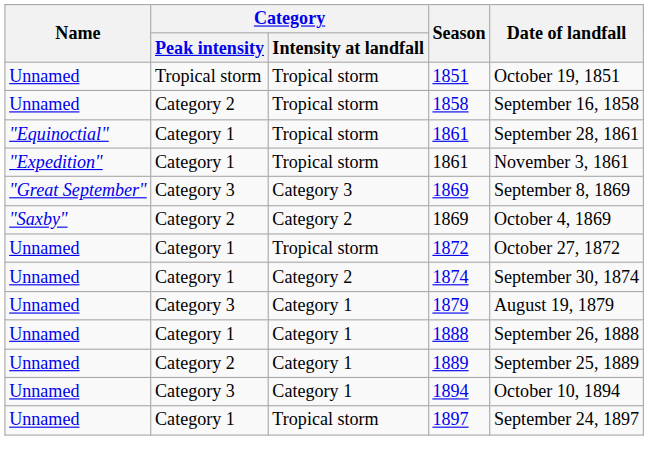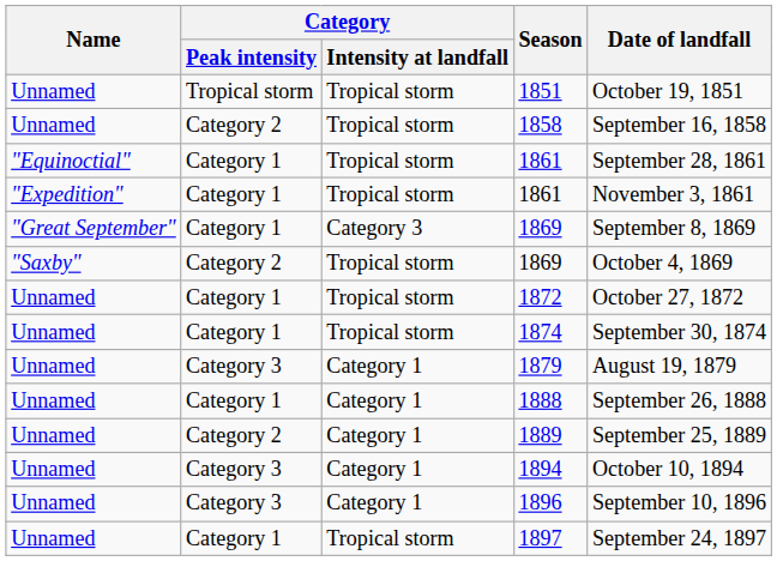 <table class="wikitable" style="margin:1em auto;">
 <tr>
 <th rowspan=2>Name</th>
 <th colspan=2><a href='#'>Category</a></th>
 <th rowspan=2>Season</th>
 <th rowspan=2>Date of landfall</th>
 </tr>
 <tr>
 <th><a href='#'>Peak intensity</a></th>
 <th>Intensity at landfall</th>
 </tr>
 <tr>
 <td><a href='#'>Unnamed</a></td>
 <td style="background: #">Tropical storm</td>
 <td style="background: #">Tropical storm</td>
 <td><a href='#'>1851</a></td>
 <td>October 19, 1851</td>
 </tr>
 <tr>
 <td><a href='#'>Unnamed</a></td>
 <td style="background: #">Category 2</td>
 <td style="background: #">Tropical storm</td>
 <td><a href='#'>1858</a></td>
 <td>September 16, 1858</td>
 </tr>
 <tr>
 <td><em><a href='#'>"Equinoctial"</a></em></td>
 <td style="background: #">Category 1</td>
 <td style="background: #">Tropical storm</td>
 <td><a href='#'>1861</a></td>
 <td>September 28, 1861</td>
 </tr>
 <tr>
 <td><em><a href='#'>"Expedition"</a></em></td>
 <td style="background: #">Category 1</td>
 <td style="background: #">Tropical storm</td>
 <td>1861</td>
 <td>November 3, 1861</td>
 </tr>
 <tr>
 <td><em><a href='#'>"Great September"</a></em></td>
-<td style="background: #">Category 3</td>
+<td style="background: #">Category 1</td>
 <td style="background: #">Category 3</td>
 <td><a href='#'>1869</a></td>
 <td>September 8, 1869</td>
 </tr>
 <tr>
 <td><em><a href='#'>"Saxby"</a></em></td>
 <td style="background: #">Category 2</td>
-<td style="background: #">Category 2</td>
+<td style="background: #">Tropical storm</td>
 <td>1869</td>
 <td>October 4, 1869</td>
 </tr>
 <tr>
 <td><a href='#'>Unnamed</a></td>
 <td style="background: #">Category 1</td>
 <td style="background: #">Tropical storm</td>
 <td><a href='#'>1872</a></td>
 <td>October 27, 1872</td>
 </tr>
 <tr>
 <td><a href='#'>Unnamed</a></td>
 <td style="background: #">Category 1</td>
-<td style="background: #">Category 2</td>
+<td style="background: #">Tropical storm</td>
 <td><a href='#'>1874</a></td>
 <td>September 30, 1874</td>
 </tr>
 <tr>
 <td><a href='#'>Unnamed</a></td>
 <td style="background: #">Category 3</td>
 <td style="background: #">Category 1</td>
 <td><a href='#'>1879</a></td>
 <td>August 19, 1879</td>
 </tr>
 <tr>
 <td><a href='#'>Unnamed</a></td>
 <td style="background: #">Category 1</td>
 <td style="background: #">Category 1</td>
 <td><a href='#'>1888</a></td>
 <td>September 26, 1888</td>
 </tr>
 <tr>
 <td><a href='#'>Unnamed</a></td>
 <td style="background: #">Category 2</td>
 <td style="background: #">Category 1</td>
 <td><a href='#'>1889</a></td>
 <td>September 25, 1889</td>
 </tr>
 <tr>
 <td><a href='#'>Unnamed</a></td>
 <td style="background: #">Category 3</td>
 <td style="background: #">Category 1</td>
 <td><a href='#'>1894</a></td>
 <td>October 10, 1894</td>
 </tr>
 <tr>
 <td><a href='#'>Unnamed</a></td>
+<td style="background: #">Category 3</td>
+<td style="background: #">Category 1</td>
+<td><a href='#'>1896</a></td>
+<td>September 10, 1896</td>
+</tr>
+<tr>
+<td><a href='#'>Unnamed</a></td>
 <td style="background: #">Category 1</td>
 <td style="background: #">Tropical storm</td>
 <td><a href='#'>1897</a></td>
 <td>September 24, 1897</td>
 </tr>
 </table>
